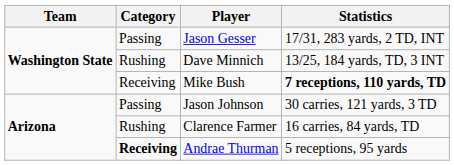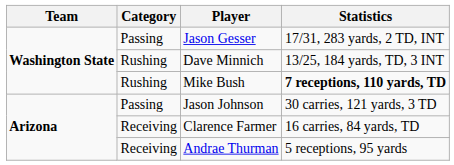 <table class="wikitable" style="float: right;">
 <tr>
 <th>Team</th>
 <th>Category</th>
 <th>Player</th>
 <th>Statistics</th>
 </tr>
 <tr>
 <td rowspan=3><strong>Washington State</strong></td>
 <td>Passing</td>
 <td><a href='#'>Jason Gesser</a></td>
 <td>17/31, 283 yards, 2 TD, INT</td>
 </tr>
 <tr>
 <td>Rushing</td>
 <td>Dave Minnich</td>
 <td>13/25, 184 yards, TD, 3 INT</td>
 </tr>
 <tr>
-<td>Receiving</td>
+<td>Rushing</td>
 <td>Mike Bush</td>
 <td><strong>7 receptions, 110 yards, TD</strong></td>
 </tr>
 <tr>
 <td rowspan=3><strong>Arizona</strong></td>
 <td>Passing</td>
 <td>Jason Johnson</td>
 <td>30 carries, 121 yards, 3 TD</td>
 </tr>
 <tr>
-<td>Rushing</td>
+<td>Receiving</td>
 <td>Clarence Farmer</td>
 <td>16 carries, 84 yards, TD</td>
 </tr>
 <tr>
-<td><strong>Receiving</strong></td>
+<td>Receiving</td>
 <td><a href='#'>Andrae Thurman</a></td>
 <td>5 receptions, 95 yards</td>
 </tr>
 </table>
